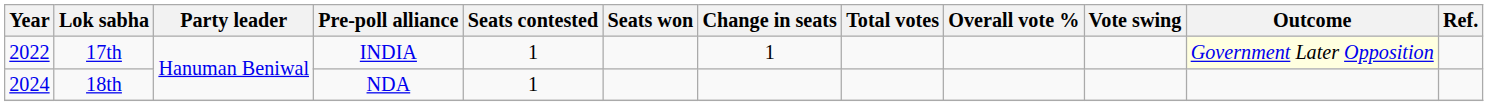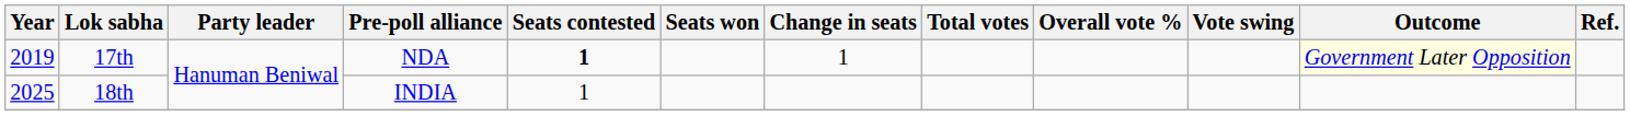 <table class="wikitable " style="text-align:center;">
 <tr>
 <th Style="background-color:">Year</th>
 <th Style="background-color:">Lok sabha</th>
 <th Style="background-color:">Party leader</th>
 <th Style="background-color:">Pre-poll alliance</th>
 <th Style="background-color:">Seats contested</th>
 <th Style="background-color:">Seats won</th>
 <th Style="background-color:">Change in seats</th>
 <th Style="background-color:">Total votes</th>
 <th Style="background-color:">Overall vote %</th>
 <th Style="background-color:">Vote swing</th>
 <th Style="background-color:">Outcome</th>
 <th Style="background-color:">Ref.</th>
 </tr>
 <tr>
-<td><a href='#'>2022</a></td>
+<td><a href='#'>2019</a></td>
 <td><a href='#'>17th</a></td>
 <td Rowspan =2><a href='#'>Hanuman Beniwal</a></td>
-<td><a href='#'>INDIA</a></td>
-<td>1</td>
+<td><a href='#'>NDA</a></td>
+<td><strong>1</strong></td>
 <td></td>
 <td>1</td>
 <td></td>
 <td></td>
 <td></td>
 <td style="background: lightyellow;"><em><a href='#'>Government</a> Later <a href='#'>Opposition</a></em></td>
 <td></td>
 </tr>
 <tr>
-<td><a href='#'>2024</a></td>
+<td><a href='#'>2025</a></td>
 <td><a href='#'>18th</a></td>
-<td><a href='#'>NDA</a></td>
+<td><a href='#'>INDIA</a></td>
 <td>1</td>
 <td></td>
 <td></td>
 <td></td>
 <td></td>
 <td></td>
 <td></td>
 <td></td>
 </tr>
 <tr>
 </tr>
 </table>
